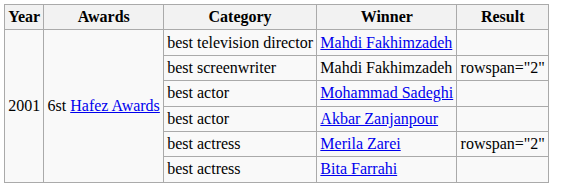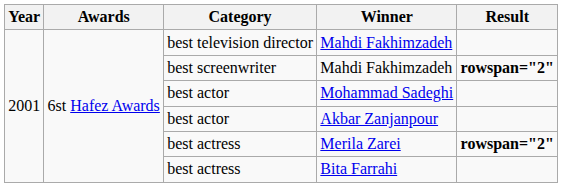 <table class="wikitable">
 <tr>
 <th>Year</th>
 <th>Awards</th>
 <th>Category</th>
 <th>Winner</th>
 <th>Result</th>
 </tr>
 <tr>
 <td rowspan="7">2001</td>
 <td rowspan="7">6st <a href='#'>Hafez Awards</a></td>
 </tr>
 <tr>
 <td>best television director</td>
 <td><a href='#'>Mahdi Fakhimzadeh</a></td>
 <td></td>
 </tr>
 <tr>
 <td>best screenwriter</td>
 <td>Mahdi Fakhimzadeh</td>
-<td>rowspan="2" </td>
+<td><strong>rowspan="2" </strong></td>
 </tr>
 <tr>
 <td>best actor</td>
 <td><a href='#'>Mohammad Sadeghi</a></td>
 </tr>
 <tr>
 <td>best actor</td>
 <td><a href='#'>Akbar Zanjanpour</a></td>
 <td></td>
 </tr>
 <tr>
 <td>best actress</td>
 <td><a href='#'>Merila Zarei</a></td>
-<td>rowspan="2" </td>
+<td><strong>rowspan="2" </strong></td>
 </tr>
 <tr>
 <td>best actress</td>
 <td><a href='#'>Bita Farrahi</a></td>
 </tr>
 </table>
